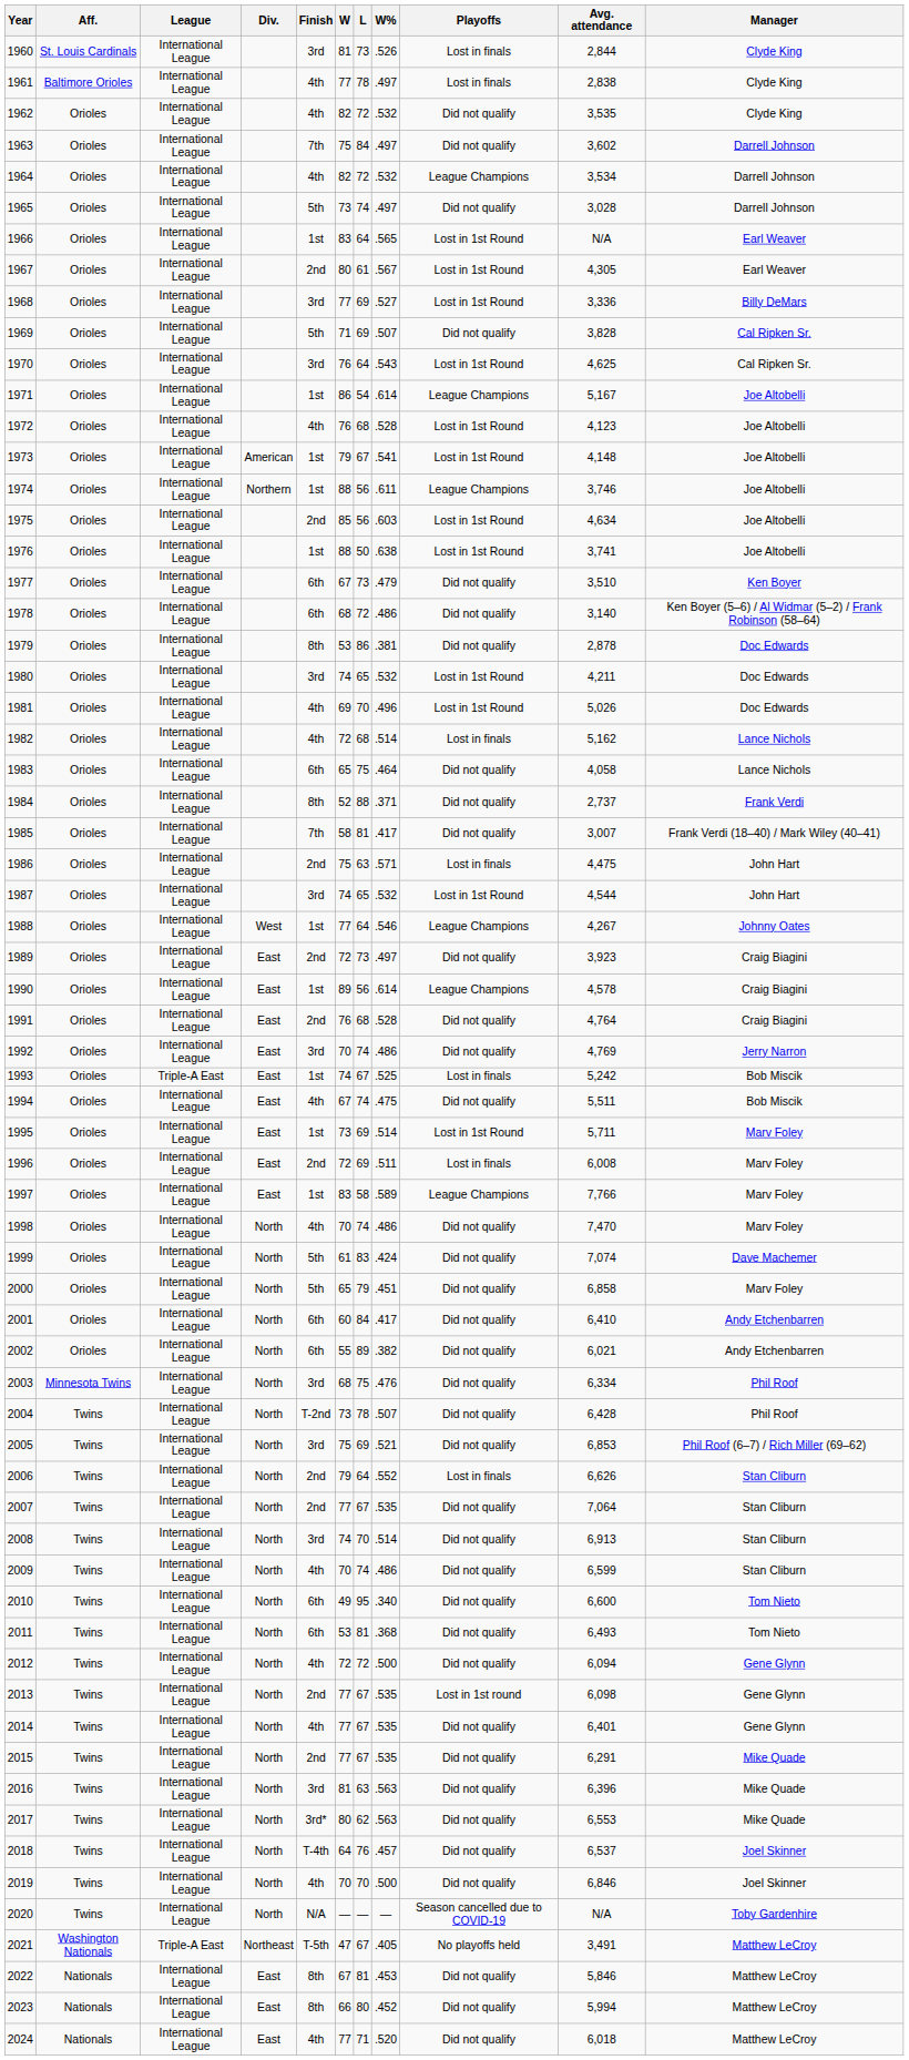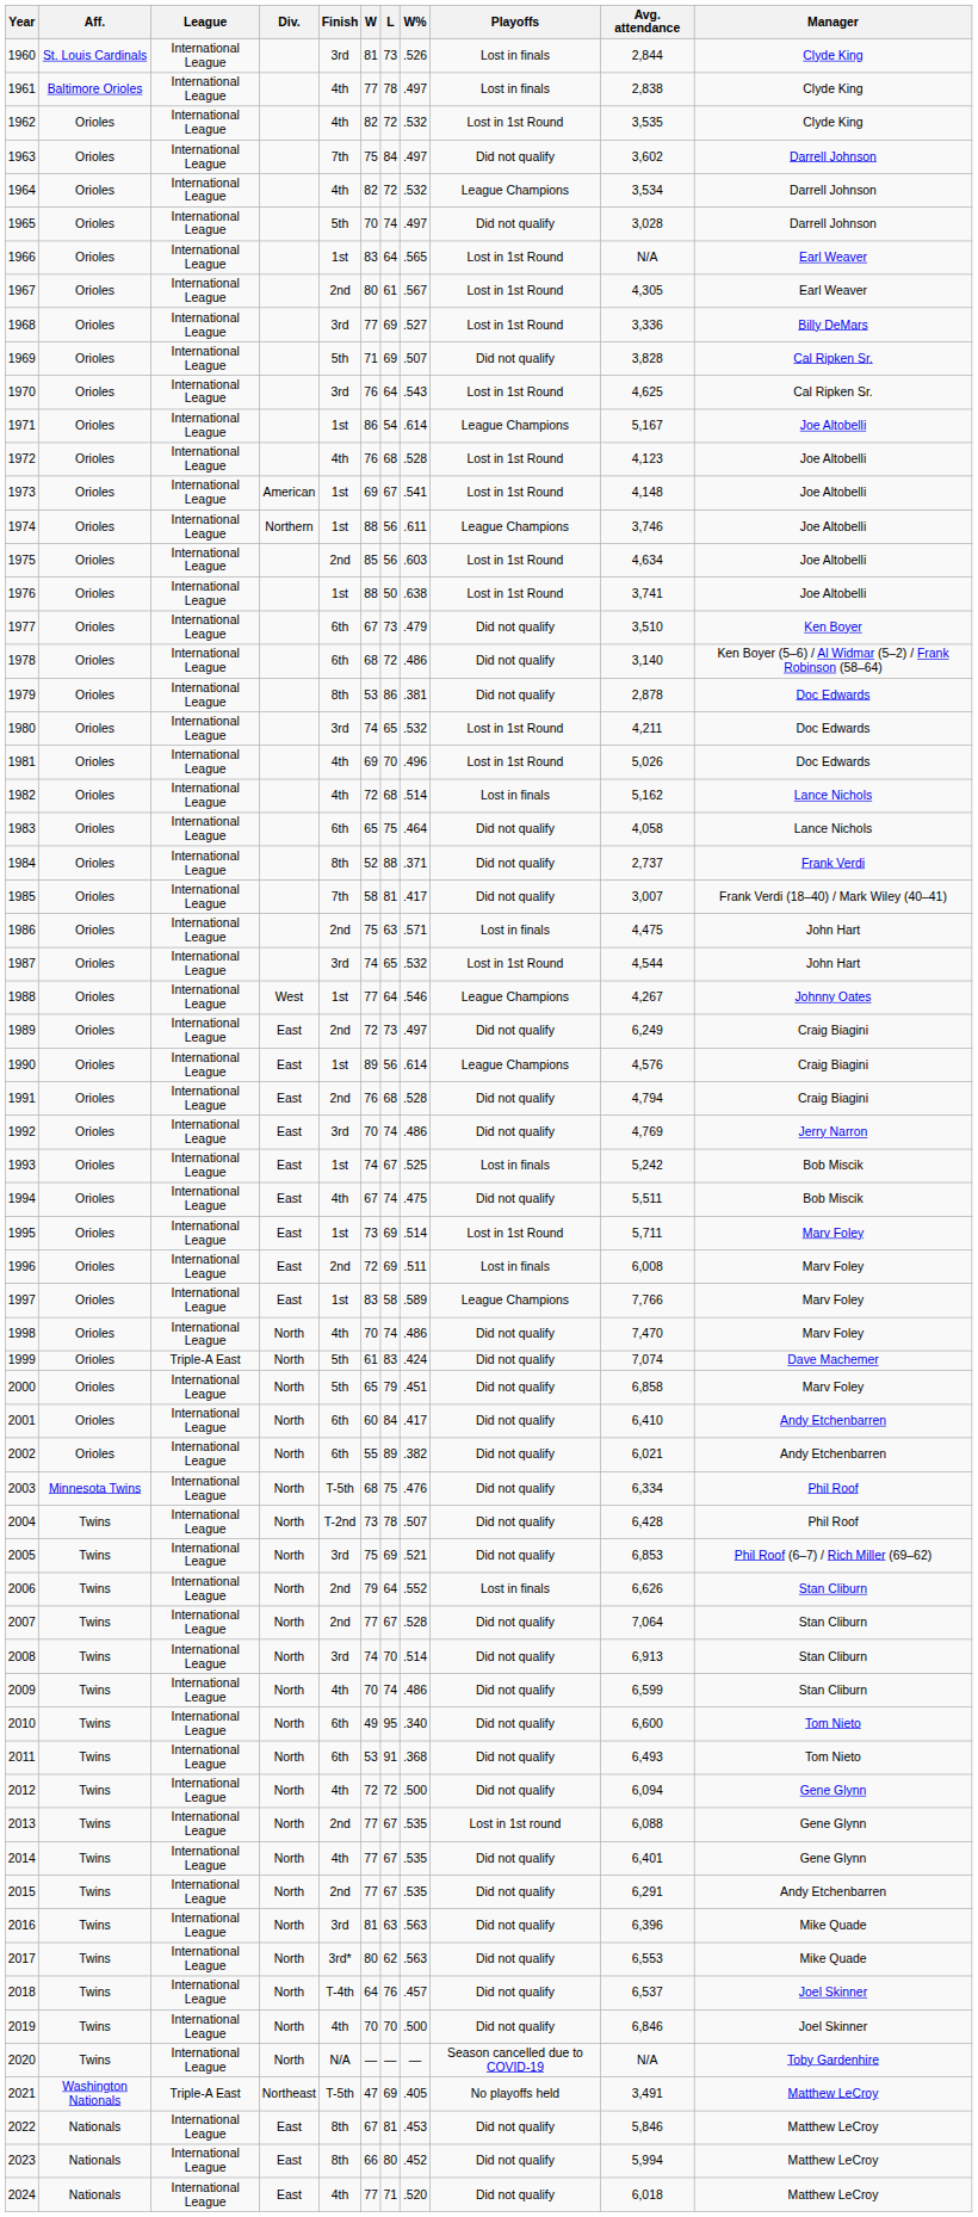 <table class="wikitable">
 <tr style="text-align:center; background:#e0e0e0;">
 <th>Year</th>
 <th>Aff.</th>
 <th>League</th>
 <th>Div.</th>
 <th>Finish</th>
 <th>W</th>
 <th>L</th>
 <th>W%</th>
 <th>Playoffs</th>
 <th>Avg. attendance</th>
 <th>Manager</th>
 </tr>
 <tr style="text-align:center;">
 <td>1960</td>
 <td><a href='#'>St. Louis Cardinals</a></td>
 <td>International League</td>
 <td></td>
 <td>3rd</td>
 <td>81</td>
 <td>73</td>
 <td>.526</td>
 <td>Lost in finals</td>
 <td>2,844</td>
 <td><a href='#'>Clyde King</a></td>
 </tr>
 <tr style="text-align:center;">
 <td>1961</td>
 <td><a href='#'>Baltimore Orioles</a></td>
 <td>International League</td>
 <td></td>
 <td>4th</td>
 <td>77</td>
 <td>78</td>
 <td>.497</td>
 <td>Lost in finals</td>
 <td>2,838</td>
 <td>Clyde King</td>
 </tr>
 <tr style="text-align:center;">
 <td>1962</td>
 <td>Orioles</td>
 <td>International League</td>
 <td></td>
 <td>4th</td>
 <td>82</td>
 <td>72</td>
 <td>.532</td>
-<td>Did not qualify</td>
+<td>Lost in 1st Round</td>
 <td>3,535</td>
 <td>Clyde King</td>
 </tr>
 <tr style="text-align:center;">
 <td>1963</td>
 <td>Orioles</td>
 <td>International League</td>
 <td></td>
 <td>7th</td>
 <td>75</td>
 <td>84</td>
 <td>.497</td>
 <td>Did not qualify</td>
 <td>3,602</td>
 <td><a href='#'>Darrell Johnson</a></td>
 </tr>
 <tr style="text-align:center;">
 <td>1964</td>
 <td>Orioles</td>
 <td>International League</td>
 <td></td>
 <td>4th</td>
 <td>82</td>
 <td>72</td>
 <td>.532</td>
 <td>League Champions</td>
 <td>3,534</td>
 <td>Darrell Johnson</td>
 </tr>
 <tr style="text-align:center;">
 <td>1965</td>
 <td>Orioles</td>
 <td>International League</td>
 <td></td>
 <td>5th</td>
-<td>73</td>
+<td>70</td>
 <td>74</td>
 <td>.497</td>
 <td>Did not qualify</td>
 <td>3,028</td>
 <td>Darrell Johnson</td>
 </tr>
 <tr style="text-align:center;">
 <td>1966</td>
 <td>Orioles</td>
 <td>International League</td>
 <td></td>
 <td>1st</td>
 <td>83</td>
 <td>64</td>
 <td>.565</td>
 <td>Lost in 1st Round</td>
 <td>N/A</td>
 <td><a href='#'>Earl Weaver</a></td>
 </tr>
 <tr style="text-align:center;">
 <td>1967</td>
 <td>Orioles</td>
 <td>International League</td>
 <td></td>
 <td>2nd</td>
 <td>80</td>
 <td>61</td>
 <td>.567</td>
 <td>Lost in 1st Round</td>
 <td>4,305</td>
 <td>Earl Weaver</td>
 </tr>
 <tr style="text-align:center;">
 <td>1968</td>
 <td>Orioles</td>
 <td>International League</td>
 <td></td>
 <td>3rd</td>
 <td>77</td>
 <td>69</td>
 <td>.527</td>
 <td>Lost in 1st Round</td>
 <td>3,336</td>
 <td><a href='#'>Billy DeMars</a></td>
 </tr>
 <tr style="text-align:center;">
 <td>1969</td>
 <td>Orioles</td>
 <td>International League</td>
 <td></td>
 <td>5th</td>
 <td>71</td>
 <td>69</td>
 <td>.507</td>
 <td>Did not qualify</td>
 <td>3,828</td>
 <td><a href='#'>Cal Ripken Sr.</a></td>
 </tr>
 <tr style="text-align:center;">
 <td>1970</td>
 <td>Orioles</td>
 <td>International League</td>
 <td></td>
 <td>3rd</td>
 <td>76</td>
 <td>64</td>
 <td>.543</td>
 <td>Lost in 1st Round</td>
 <td>4,625</td>
 <td>Cal Ripken Sr.</td>
 </tr>
 <tr style="text-align:center;">
 <td>1971</td>
 <td>Orioles</td>
 <td>International League</td>
 <td></td>
 <td>1st</td>
 <td>86</td>
 <td>54</td>
 <td>.614</td>
 <td>League Champions</td>
 <td>5,167</td>
 <td><a href='#'>Joe Altobelli</a></td>
 </tr>
 <tr style="text-align:center;">
 <td>1972</td>
 <td>Orioles</td>
 <td>International League</td>
 <td></td>
 <td>4th</td>
 <td>76</td>
 <td>68</td>
 <td>.528</td>
 <td>Lost in 1st Round</td>
 <td>4,123</td>
 <td>Joe Altobelli</td>
 </tr>
 <tr style="text-align:center;">
 <td>1973</td>
 <td>Orioles</td>
 <td>International League</td>
 <td>American</td>
 <td>1st</td>
-<td>79</td>
+<td>69</td>
 <td>67</td>
 <td>.541</td>
 <td>Lost in 1st Round</td>
 <td>4,148</td>
 <td>Joe Altobelli</td>
 </tr>
 <tr style="text-align:center;">
 <td>1974</td>
 <td>Orioles</td>
 <td>International League</td>
 <td>Northern</td>
 <td>1st</td>
 <td>88</td>
 <td>56</td>
 <td>.611</td>
 <td>League Champions</td>
 <td>3,746</td>
 <td>Joe Altobelli</td>
 </tr>
 <tr style="text-align:center;">
 <td>1975</td>
 <td>Orioles</td>
 <td>International League</td>
 <td></td>
 <td>2nd</td>
 <td>85</td>
 <td>56</td>
 <td>.603</td>
 <td>Lost in 1st Round</td>
 <td>4,634</td>
 <td>Joe Altobelli</td>
 </tr>
 <tr style="text-align:center;">
 <td>1976</td>
 <td>Orioles</td>
 <td>International League</td>
 <td></td>
 <td>1st</td>
 <td>88</td>
 <td>50</td>
 <td>.638</td>
 <td>Lost in 1st Round</td>
 <td>3,741</td>
 <td>Joe Altobelli</td>
 </tr>
 <tr style="text-align:center;">
 <td>1977</td>
 <td>Orioles</td>
 <td>International League</td>
 <td></td>
 <td>6th</td>
 <td>67</td>
 <td>73</td>
 <td>.479</td>
 <td>Did not qualify</td>
 <td>3,510</td>
 <td><a href='#'>Ken Boyer</a></td>
 </tr>
 <tr style="text-align:center;">
 <td>1978</td>
 <td>Orioles</td>
 <td>International League</td>
 <td></td>
 <td>6th</td>
 <td>68</td>
 <td>72</td>
 <td>.486</td>
 <td>Did not qualify</td>
 <td>3,140</td>
 <td>Ken Boyer (5–6) / <a href='#'>Al Widmar</a> (5–2) / <a href='#'>Frank Robinson</a> (58–64)</td>
 </tr>
 <tr style="text-align:center;">
 <td>1979</td>
 <td>Orioles</td>
 <td>International League</td>
 <td></td>
 <td>8th</td>
 <td>53</td>
 <td>86</td>
 <td>.381</td>
 <td>Did not qualify</td>
 <td>2,878</td>
 <td><a href='#'>Doc Edwards</a></td>
 </tr>
 <tr style="text-align:center;">
 <td>1980</td>
 <td>Orioles</td>
 <td>International League</td>
 <td></td>
 <td>3rd</td>
 <td>74</td>
 <td>65</td>
 <td>.532</td>
 <td>Lost in 1st Round</td>
 <td>4,211</td>
 <td>Doc Edwards</td>
 </tr>
 <tr style="text-align:center;">
 <td>1981</td>
 <td>Orioles</td>
 <td>International League</td>
 <td></td>
 <td>4th</td>
 <td>69</td>
 <td>70</td>
 <td>.496</td>
 <td>Lost in 1st Round</td>
 <td>5,026</td>
 <td>Doc Edwards</td>
 </tr>
 <tr style="text-align:center;">
 <td>1982</td>
 <td>Orioles</td>
 <td>International League</td>
 <td></td>
 <td>4th</td>
 <td>72</td>
 <td>68</td>
 <td>.514</td>
 <td>Lost in finals</td>
 <td>5,162</td>
 <td><a href='#'>Lance Nichols</a></td>
 </tr>
 <tr style="text-align:center;">
 <td>1983</td>
 <td>Orioles</td>
 <td>International League</td>
 <td></td>
 <td>6th</td>
 <td>65</td>
 <td>75</td>
 <td>.464</td>
 <td>Did not qualify</td>
 <td>4,058</td>
 <td>Lance Nichols</td>
 </tr>
 <tr style="text-align:center;">
 <td>1984</td>
 <td>Orioles</td>
 <td>International League</td>
 <td></td>
 <td>8th</td>
 <td>52</td>
 <td>88</td>
 <td>.371</td>
 <td>Did not qualify</td>
 <td>2,737</td>
 <td><a href='#'>Frank Verdi</a></td>
 </tr>
 <tr style="text-align:center;">
 <td>1985</td>
 <td>Orioles</td>
 <td>International League</td>
 <td></td>
 <td>7th</td>
 <td>58</td>
 <td>81</td>
 <td>.417</td>
 <td>Did not qualify</td>
 <td>3,007</td>
 <td>Frank Verdi (18–40) / Mark Wiley (40–41)</td>
 </tr>
 <tr style="text-align:center;">
 <td>1986</td>
 <td>Orioles</td>
 <td>International League</td>
 <td></td>
 <td>2nd</td>
 <td>75</td>
 <td>63</td>
 <td>.571</td>
 <td>Lost in finals</td>
 <td>4,475</td>
 <td>John Hart</td>
 </tr>
 <tr style="text-align:center;">
 <td>1987</td>
 <td>Orioles</td>
 <td>International League</td>
 <td></td>
 <td>3rd</td>
 <td>74</td>
 <td>65</td>
 <td>.532</td>
 <td>Lost in 1st Round</td>
 <td>4,544</td>
 <td>John Hart</td>
 </tr>
 <tr style="text-align:center;">
 <td>1988</td>
 <td>Orioles</td>
 <td>International League</td>
 <td>West</td>
 <td>1st</td>
 <td>77</td>
 <td>64</td>
 <td>.546</td>
 <td>League Champions</td>
 <td>4,267</td>
 <td><a href='#'>Johnny Oates</a></td>
 </tr>
 <tr style="text-align:center;">
 <td>1989</td>
 <td>Orioles</td>
 <td>International League</td>
 <td>East</td>
 <td>2nd</td>
 <td>72</td>
 <td>73</td>
 <td>.497</td>
 <td>Did not qualify</td>
-<td>3,923</td>
+<td>6,249</td>
 <td>Craig Biagini</td>
 </tr>
 <tr style="text-align:center;">
 <td>1990</td>
 <td>Orioles</td>
 <td>International League</td>
 <td>East</td>
 <td>1st</td>
 <td>89</td>
 <td>56</td>
 <td>.614</td>
 <td>League Champions</td>
-<td>4,578</td>
+<td>4,576</td>
 <td>Craig Biagini</td>
 </tr>
 <tr style="text-align:center;">
 <td>1991</td>
 <td>Orioles</td>
 <td>International League</td>
 <td>East</td>
 <td>2nd</td>
 <td>76</td>
 <td>68</td>
 <td>.528</td>
 <td>Did not qualify</td>
-<td>4,764</td>
+<td>4,794</td>
 <td>Craig Biagini</td>
 </tr>
 <tr style="text-align:center;">
 <td>1992</td>
 <td>Orioles</td>
 <td>International League</td>
 <td>East</td>
 <td>3rd</td>
 <td>70</td>
 <td>74</td>
 <td>.486</td>
 <td>Did not qualify</td>
 <td>4,769</td>
 <td><a href='#'>Jerry Narron</a></td>
 </tr>
 <tr style="text-align:center;">
 <td>1993</td>
 <td>Orioles</td>
-<td>Triple-A East</td>
+<td>International League</td>
 <td>East</td>
 <td>1st</td>
 <td>74</td>
 <td>67</td>
 <td>.525</td>
 <td>Lost in finals</td>
 <td>5,242</td>
 <td>Bob Miscik</td>
 </tr>
 <tr style="text-align:center;">
 <td>1994</td>
 <td>Orioles</td>
 <td>International League</td>
 <td>East</td>
 <td>4th</td>
 <td>67</td>
 <td>74</td>
 <td>.475</td>
 <td>Did not qualify</td>
 <td>5,511</td>
 <td>Bob Miscik</td>
 </tr>
 <tr style="text-align:center;">
 <td>1995</td>
 <td>Orioles</td>
 <td>International League</td>
 <td>East</td>
 <td>1st</td>
 <td>73</td>
 <td>69</td>
 <td>.514</td>
 <td>Lost in 1st Round</td>
 <td>5,711</td>
 <td><a href='#'>Marv Foley</a></td>
 </tr>
 <tr style="text-align:center;">
 <td>1996</td>
 <td>Orioles</td>
 <td>International League</td>
 <td>East</td>
 <td>2nd</td>
 <td>72</td>
 <td>69</td>
 <td>.511</td>
 <td>Lost in finals</td>
 <td>6,008</td>
 <td>Marv Foley</td>
 </tr>
 <tr style="text-align:center;">
 <td>1997</td>
 <td>Orioles</td>
 <td>International League</td>
 <td>East</td>
 <td>1st</td>
 <td>83</td>
 <td>58</td>
 <td>.589</td>
 <td>League Champions</td>
 <td>7,766</td>
 <td>Marv Foley</td>
 </tr>
 <tr style="text-align:center;">
 <td>1998</td>
 <td>Orioles</td>
 <td>International League</td>
 <td>North</td>
 <td>4th</td>
 <td>70</td>
 <td>74</td>
 <td>.486</td>
 <td>Did not qualify</td>
 <td>7,470</td>
 <td>Marv Foley</td>
 </tr>
 <tr style="text-align:center;">
 <td>1999</td>
 <td>Orioles</td>
-<td>International League</td>
+<td>Triple-A East</td>
 <td>North</td>
 <td>5th</td>
 <td>61</td>
 <td>83</td>
 <td>.424</td>
 <td>Did not qualify</td>
 <td>7,074</td>
 <td><a href='#'>Dave Machemer</a></td>
 </tr>
 <tr style="text-align:center;">
 <td>2000</td>
 <td>Orioles</td>
 <td>International League</td>
 <td>North</td>
 <td>5th</td>
 <td>65</td>
 <td>79</td>
 <td>.451</td>
 <td>Did not qualify</td>
 <td>6,858</td>
 <td>Marv Foley</td>
 </tr>
 <tr style="text-align:center;">
 <td>2001</td>
 <td>Orioles</td>
 <td>International League</td>
 <td>North</td>
 <td>6th</td>
 <td>60</td>
 <td>84</td>
 <td>.417</td>
 <td>Did not qualify</td>
 <td>6,410</td>
 <td><a href='#'>Andy Etchenbarren</a></td>
 </tr>
 <tr style="text-align:center;">
 <td>2002</td>
 <td>Orioles</td>
 <td>International League</td>
 <td>North</td>
 <td>6th</td>
 <td>55</td>
 <td>89</td>
 <td>.382</td>
 <td>Did not qualify</td>
 <td>6,021</td>
 <td>Andy Etchenbarren</td>
 </tr>
 <tr style="text-align:center;">
 <td>2003</td>
 <td><a href='#'>Minnesota Twins</a></td>
 <td>International League</td>
 <td>North</td>
-<td>3rd</td>
+<td>T-5th</td>
 <td>68</td>
 <td>75</td>
 <td>.476</td>
 <td>Did not qualify</td>
 <td>6,334</td>
 <td><a href='#'>Phil Roof</a></td>
 </tr>
 <tr style="text-align:center;">
 <td>2004</td>
 <td>Twins</td>
 <td>International League</td>
 <td>North</td>
 <td>T-2nd</td>
 <td>73</td>
 <td>78</td>
 <td>.507</td>
 <td>Did not qualify</td>
 <td>6,428</td>
 <td>Phil Roof</td>
 </tr>
 <tr style="text-align:center;">
 <td>2005</td>
 <td>Twins</td>
 <td>International League</td>
 <td>North</td>
 <td>3rd</td>
 <td>75</td>
 <td>69</td>
 <td>.521</td>
 <td>Did not qualify</td>
 <td>6,853</td>
 <td><a href='#'>Phil Roof</a> (6–7) / <a href='#'>Rich Miller</a> (69–62)</td>
 </tr>
 <tr style="text-align:center;">
 <td>2006</td>
 <td>Twins</td>
 <td>International League</td>
 <td>North</td>
 <td>2nd</td>
 <td>79</td>
 <td>64</td>
 <td>.552</td>
 <td>Lost in finals</td>
 <td>6,626</td>
 <td><a href='#'>Stan Cliburn</a></td>
 </tr>
 <tr style="text-align:center;">
 <td>2007</td>
 <td>Twins</td>
 <td>International League</td>
 <td>North</td>
 <td>2nd</td>
 <td>77</td>
 <td>67</td>
-<td>.535</td>
+<td>.528</td>
 <td>Did not qualify</td>
 <td>7,064</td>
 <td>Stan Cliburn</td>
 </tr>
 <tr style="text-align:center;">
 <td>2008</td>
 <td>Twins</td>
 <td>International League</td>
 <td>North</td>
 <td>3rd</td>
 <td>74</td>
 <td>70</td>
 <td>.514</td>
 <td>Did not qualify</td>
 <td>6,913</td>
 <td>Stan Cliburn</td>
 </tr>
 <tr style="text-align:center;">
 <td>2009</td>
 <td>Twins</td>
 <td>International League</td>
 <td>North</td>
 <td>4th</td>
 <td>70</td>
 <td>74</td>
 <td>.486</td>
 <td>Did not qualify</td>
 <td>6,599</td>
 <td>Stan Cliburn</td>
 </tr>
 <tr style="text-align:center;">
 <td>2010</td>
 <td>Twins</td>
 <td>International League</td>
 <td>North</td>
 <td>6th</td>
 <td>49</td>
 <td>95</td>
 <td>.340</td>
 <td>Did not qualify</td>
 <td>6,600</td>
 <td><a href='#'>Tom Nieto</a></td>
 </tr>
 <tr style="text-align:center;">
 <td>2011</td>
 <td>Twins</td>
 <td>International League</td>
 <td>North</td>
 <td>6th</td>
 <td>53</td>
-<td>81</td>
+<td>91</td>
 <td>.368</td>
 <td>Did not qualify</td>
 <td>6,493</td>
 <td>Tom Nieto</td>
 </tr>
 <tr style="text-align:center;">
 <td>2012</td>
 <td>Twins</td>
 <td>International League</td>
 <td>North</td>
 <td>4th</td>
 <td>72</td>
 <td>72</td>
 <td>.500</td>
 <td>Did not qualify</td>
 <td>6,094</td>
 <td><a href='#'>Gene Glynn</a></td>
 </tr>
 <tr style="text-align:center;">
 <td>2013</td>
 <td>Twins</td>
 <td>International League</td>
 <td>North</td>
 <td>2nd</td>
 <td>77</td>
 <td>67</td>
 <td>.535</td>
 <td>Lost in 1st round</td>
-<td>6,098</td>
+<td>6,088</td>
 <td>Gene Glynn</td>
 </tr>
 <tr style="text-align:center;">
 <td>2014</td>
 <td>Twins</td>
 <td>International League</td>
 <td>North</td>
 <td>4th</td>
 <td>77</td>
 <td>67</td>
 <td>.535</td>
 <td>Did not qualify</td>
 <td>6,401</td>
 <td>Gene Glynn</td>
 </tr>
 <tr style="text-align:center;">
 <td>2015</td>
 <td>Twins</td>
 <td>International League</td>
 <td>North</td>
 <td>2nd</td>
 <td>77</td>
 <td>67</td>
 <td>.535</td>
 <td>Did not qualify</td>
 <td>6,291</td>
-<td><a href='#'>Mike Quade</a></td>
+<td>Andy Etchenbarren</td>
 </tr>
 <tr style="text-align:center;">
 <td>2016</td>
 <td>Twins</td>
 <td>International League</td>
 <td>North</td>
 <td>3rd</td>
 <td>81</td>
 <td>63</td>
 <td>.563</td>
 <td>Did not qualify</td>
 <td>6,396</td>
 <td>Mike Quade</td>
 </tr>
 <tr style="text-align:center;">
 <td>2017</td>
 <td>Twins</td>
 <td>International League</td>
 <td>North</td>
 <td>3rd*</td>
 <td>80</td>
 <td>62</td>
 <td>.563</td>
 <td>Did not qualify</td>
 <td>6,553</td>
 <td>Mike Quade</td>
 </tr>
 <tr style="text-align:center;">
 <td>2018</td>
 <td>Twins</td>
 <td>International League</td>
 <td>North</td>
 <td>T-4th</td>
 <td>64</td>
 <td>76</td>
 <td>.457</td>
 <td>Did not qualify</td>
 <td>6,537</td>
 <td><a href='#'>Joel Skinner</a></td>
 </tr>
 <tr style="text-align:center;">
 <td>2019</td>
 <td>Twins</td>
 <td>International League</td>
 <td>North</td>
 <td>4th</td>
 <td>70</td>
 <td>70</td>
 <td>.500</td>
 <td>Did not qualify</td>
 <td>6,846</td>
 <td>Joel Skinner</td>
 </tr>
 <tr style="text-align:center;">
 <td>2020</td>
 <td>Twins</td>
 <td>International League</td>
 <td>North</td>
 <td>N/A</td>
 <td>—</td>
 <td>—</td>
 <td>—</td>
 <td>Season cancelled due to <a href='#'>COVID-19</a></td>
 <td>N/A</td>
 <td><a href='#'>Toby Gardenhire</a></td>
 </tr>
 <tr style="text-align:center;">
 <td>2021</td>
 <td><a href='#'>Washington Nationals</a></td>
 <td>Triple-A East</td>
 <td>Northeast</td>
 <td>T-5th</td>
 <td>47</td>
-<td>67</td>
+<td>69</td>
 <td>.405</td>
 <td>No playoffs held</td>
 <td>3,491</td>
 <td><a href='#'>Matthew LeCroy</a></td>
 </tr>
 <tr style="text-align:center;">
 <td>2022</td>
 <td>Nationals</td>
 <td>International League</td>
 <td>East</td>
 <td>8th</td>
 <td>67</td>
 <td>81</td>
 <td>.453</td>
 <td>Did not qualify</td>
 <td>5,846</td>
 <td>Matthew LeCroy</td>
 </tr>
 <tr style="text-align:center;">
 <td>2023</td>
 <td>Nationals</td>
 <td>International League</td>
 <td>East</td>
 <td>8th</td>
 <td>66</td>
 <td>80</td>
 <td>.452</td>
 <td>Did not qualify</td>
 <td>5,994</td>
 <td>Matthew LeCroy</td>
 </tr>
 <tr style="text-align:center;">
 <td>2024</td>
 <td>Nationals</td>
 <td>International League</td>
 <td>East</td>
 <td>4th</td>
 <td>77</td>
 <td>71</td>
 <td>.520</td>
 <td>Did not qualify</td>
 <td>6,018</td>
 <td>Matthew LeCroy</td>
 </tr>
 </table>
